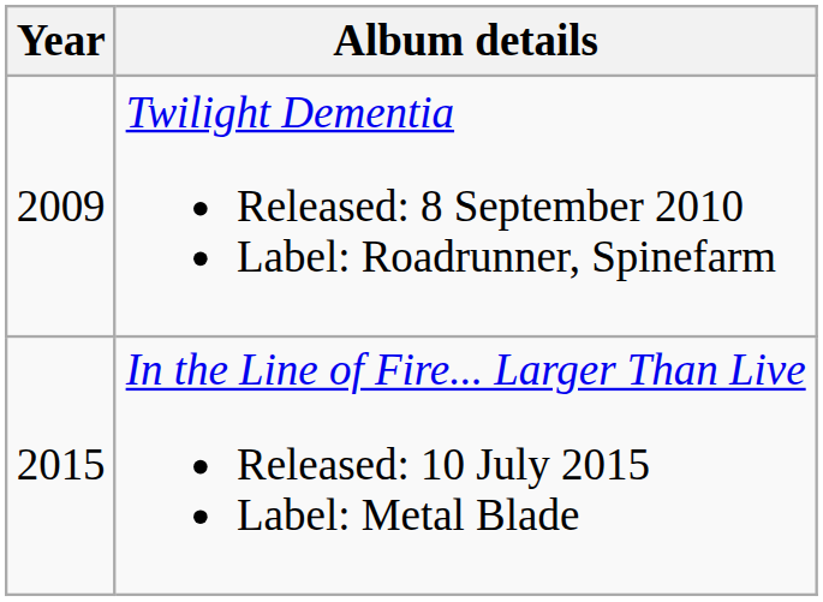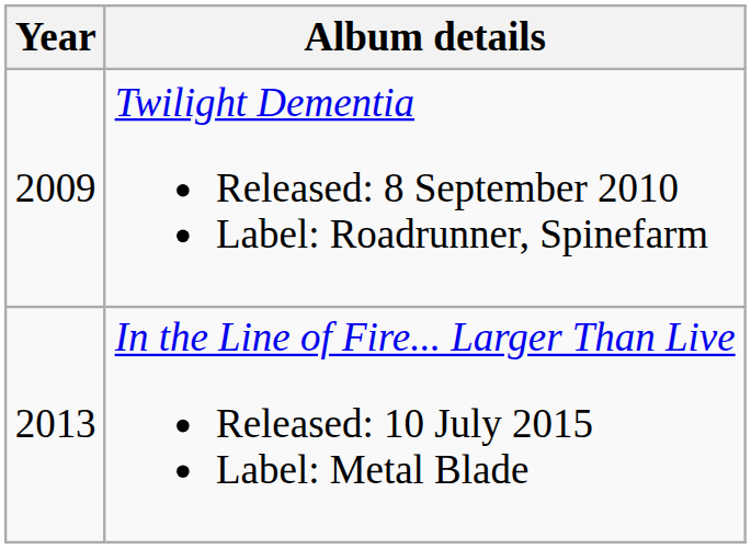 <table class=wikitable>
 <tr>
 <th>Year</th>
 <th>Album details</th>
 </tr>
 <tr>
 <td>2009</td>
 <td><em><a href='#'>Twilight Dementia</a></em><br><ul><li>Released: 8 September 2010</li><li>Label: Roadrunner, Spinefarm</li></ul></td>
 </tr>
 <tr>
-<td>2015</td>
+<td>2013</td>
 <td><em><a href='#'>In the Line of Fire... Larger Than Live</a></em><br><ul><li>Released: 10 July 2015</li><li>Label: Metal Blade</li></ul></td>
 </tr>
 </table>
